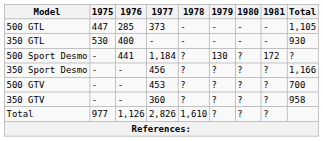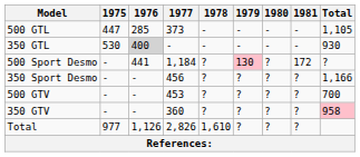 <table class="wikitable">
 <tr>
 <th>Model</th>
 <th>1975</th>
 <th>1976</th>
 <th>1977</th>
 <th>1978</th>
 <th>1979</th>
 <th>1980</th>
 <th>1981</th>
 <th>Total</th>
 </tr>
 <tr>
 <td>500 GTL</td>
 <td>447</td>
 <td>285</td>
 <td>373</td>
 <td>-</td>
 <td>-</td>
 <td>-</td>
 <td>-</td>
 <td>1,105</td>
 </tr>
 <tr>
 <td>350 GTL</td>
 <td>530</td>
-<td>400</td>
+<td style="background: lightgrey;">400</td>
 <td>-</td>
 <td>-</td>
 <td>-</td>
 <td>-</td>
 <td>-</td>
 <td>930</td>
 </tr>
 <tr>
 <td>500 Sport Desmo</td>
 <td>-</td>
 <td>441</td>
 <td>1,184</td>
 <td>?</td>
-<td>130</td>
+<td style="background: pink;">130</td>
 <td>?</td>
 <td>172</td>
 <td>?</td>
 </tr>
 <tr>
 <td>350 Sport Desmo</td>
 <td>-</td>
 <td>-</td>
 <td>456</td>
 <td>?</td>
 <td>?</td>
 <td>?</td>
 <td>?</td>
 <td>1,166</td>
 </tr>
 <tr>
 <td>500 GTV</td>
 <td>-</td>
 <td>-</td>
 <td>453</td>
 <td>?</td>
 <td>?</td>
 <td>?</td>
 <td>?</td>
 <td>700</td>
 </tr>
 <tr>
 <td>350 GTV</td>
 <td>-</td>
 <td>-</td>
 <td>360</td>
 <td>?</td>
 <td>?</td>
 <td>?</td>
 <td>?</td>
-<td>958</td>
+<td style="background: pink;">958</td>
 </tr>
 <tr>
 <td>Total</td>
 <td>977</td>
 <td>1,126</td>
 <td>2,826</td>
 <td>1,610</td>
 <td>?</td>
 <td>?</td>
 <td>?</td>
 <td></td>
 </tr>
 <tr>
 <th colspan=9 style="text-align:center">References:</th>
 </tr>
 </table>
